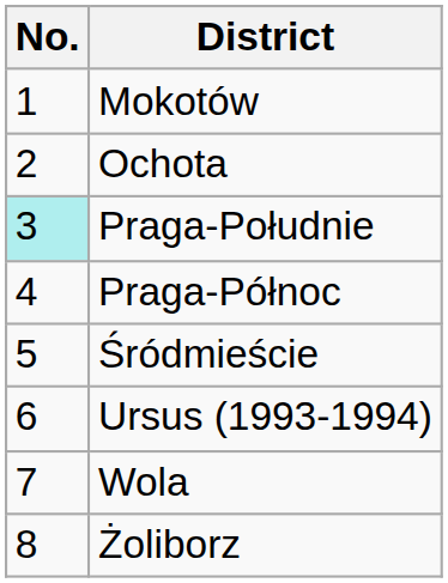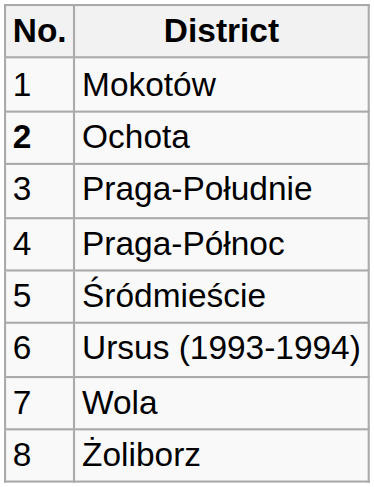 <table class="wikitable">
 <tr>
 <th>No.</th>
 <th>District</th>
 </tr>
 <tr>
 <td>1</td>
 <td>Mokotów</td>
 </tr>
 <tr>
-<td>2</td>
+<td><strong>2</strong></td>
 <td>Ochota</td>
 </tr>
 <tr>
-<td style="background: paleturquoise;">3</td>
+<td>3</td>
 <td>Praga-Południe</td>
 </tr>
 <tr>
 <td>4</td>
 <td>Praga-Północ</td>
 </tr>
 <tr>
 <td>5</td>
 <td>Śródmieście</td>
 </tr>
 <tr>
 <td>6</td>
 <td>Ursus (1993-1994)</td>
 </tr>
 <tr>
 <td>7</td>
 <td>Wola</td>
 </tr>
 <tr>
 <td>8</td>
 <td>Żoliborz</td>
 </tr>
 </table>
